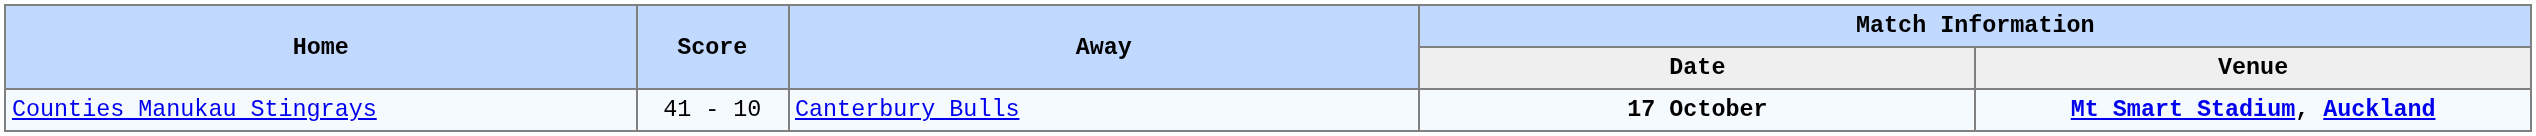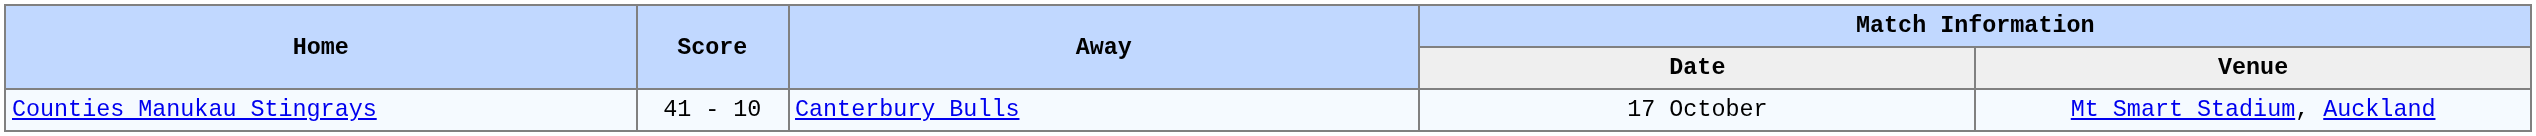 <table border=1 style="border-collapse:collapse; font-size:90%; text-align:center;" cellpadding=3 cellspacing=0 width=100%>
 <tr bgcolor=#C1D8FF>
 <th rowspan=2 width=25%>Home</th>
 <th rowspan=2 width=6%>Score</th>
 <th rowspan=2 width=25%>Away</th>
 <th colspan=6>Match Information</th>
 </tr>
 <tr bgcolor=#EFEFEF>
 <th width=22%>Date</th>
 <th width=22%>Venue</th>
 </tr>
 <tr bgcolor=#F5FAFF>
 <td align=left><a href='#'>Counties Manukau Stingrays</a></td>
 <td>41 - 10</td>
 <td align=left><a href='#'>Canterbury Bulls</a></td>
-<td><strong>17 October</strong></td>
-<td><strong><a href='#'>Mt Smart Stadium</a>, <a href='#'>Auckland</a></strong></td>
+<td>17 October</td>
+<td><a href='#'>Mt Smart Stadium</a>, <a href='#'>Auckland</a></td>
 </tr>
 </table>
